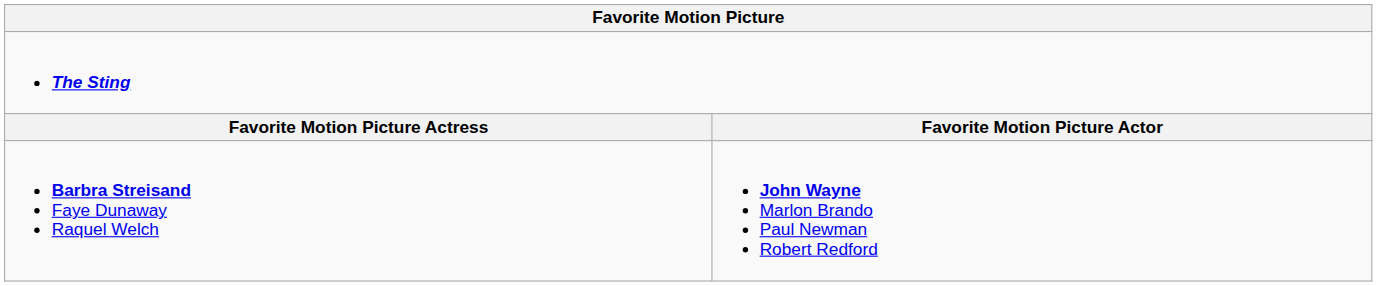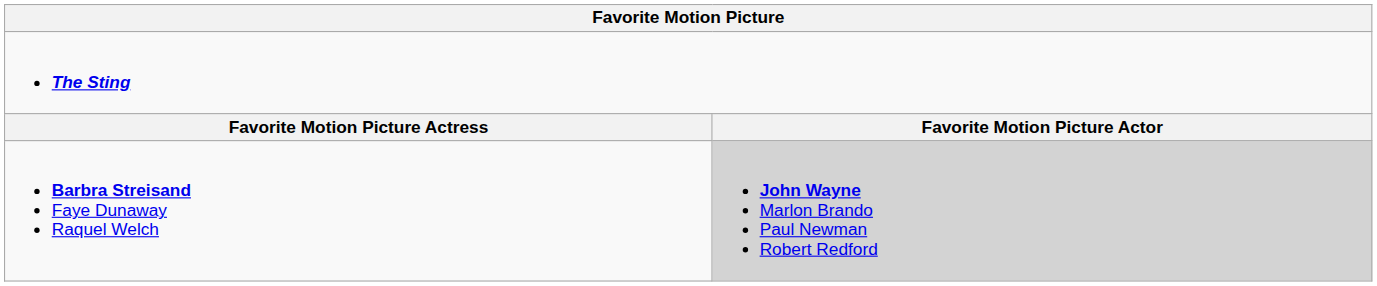 <table class="wikitable" style="width:80%;">
 <tr>
 <th colspan="2">Favorite Motion Picture</th>
 </tr>
 <tr>
 <td colspan="2" valign="top"><br><ul><li><strong><em><a href='#'>The Sting</a></em></strong></li></ul></td>
 </tr>
 <tr>
 <th>Favorite Motion Picture Actress</th>
 <th>Favorite Motion Picture Actor</th>
 </tr>
 <tr>
 <td valign="top"><br><ul><li><strong><a href='#'>Barbra Streisand</a></strong></li><li><a href='#'>Faye Dunaway</a></li><li><a href='#'>Raquel Welch</a></li></ul></td>
-<td valign="top"><br><ul><li><strong><a href='#'>John Wayne</a></strong></li><li><a href='#'>Marlon Brando</a></li><li><a href='#'>Paul Newman</a></li><li><a href='#'>Robert Redford</a></li></ul></td>
+<td valign="top" style="background: lightgrey;"><br><ul><li><strong><a href='#'>John Wayne</a></strong></li><li><a href='#'>Marlon Brando</a></li><li><a href='#'>Paul Newman</a></li><li><a href='#'>Robert Redford</a></li></ul></td>
 </tr>
 </table>
